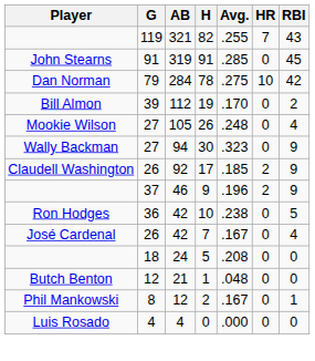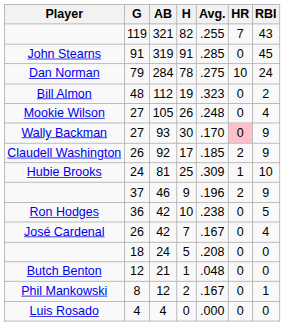 <table class="wikitable sortable">
 <tr>
 <th>Player</th>
 <th>G</th>
 <th>AB</th>
 <th>H</th>
 <th>Avg.</th>
 <th>HR</th>
 <th>RBI</th>
 </tr>
 <tr style="text-align:center;">
 <td></td>
 <td>119</td>
 <td>321</td>
 <td>82</td>
 <td>.255</td>
 <td>7</td>
 <td>43</td>
 </tr>
 <tr style="text-align:center;">
 <td><a href='#'>John Stearns</a></td>
 <td>91</td>
 <td>319</td>
 <td>91</td>
 <td>.285</td>
 <td>0</td>
 <td>45</td>
 </tr>
 <tr align=center>
 <td><a href='#'>Dan Norman</a></td>
 <td>79</td>
 <td>284</td>
 <td>78</td>
 <td>.275</td>
 <td>10</td>
-<td>42</td>
+<td>24</td>
 </tr>
 <tr align=center>
 <td><a href='#'>Bill Almon</a></td>
-<td>39</td>
+<td>48</td>
 <td>112</td>
 <td>19</td>
-<td>.170</td>
+<td>.323</td>
 <td>0</td>
 <td>2</td>
 </tr>
 <tr align=center>
 <td><a href='#'>Mookie Wilson</a></td>
 <td>27</td>
 <td>105</td>
 <td>26</td>
 <td>.248</td>
 <td>0</td>
 <td>4</td>
 </tr>
 <tr align=center>
 <td><a href='#'>Wally Backman</a></td>
 <td>27</td>
-<td>94</td>
+<td>93</td>
 <td>30</td>
-<td>.323</td>
-<td>0</td>
+<td>.170</td>
+<td style="background: pink;">0</td>
 <td>9</td>
 </tr>
 <tr align=center>
 <td><a href='#'>Claudell Washington</a></td>
 <td>26</td>
 <td>92</td>
 <td>17</td>
 <td>.185</td>
 <td>2</td>
 <td>9</td>
+</tr>
+<tr align=center>
+<td><a href='#'>Hubie Brooks</a></td>
+<td>24</td>
+<td>81</td>
+<td>25</td>
+<td>.309</td>
+<td>1</td>
+<td>10</td>
 </tr>
 <tr align=center>
 <td></td>
 <td>37</td>
 <td>46</td>
 <td>9</td>
 <td>.196</td>
 <td>2</td>
 <td>9</td>
 </tr>
 <tr style="text-align:center;">
 <td><a href='#'>Ron Hodges</a></td>
 <td>36</td>
 <td>42</td>
 <td>10</td>
 <td>.238</td>
 <td>0</td>
 <td>5</td>
 </tr>
 <tr align=center>
 <td><a href='#'>José Cardenal</a></td>
 <td>26</td>
 <td>42</td>
 <td>7</td>
 <td>.167</td>
 <td>0</td>
 <td>4</td>
 </tr>
 <tr align=center>
 <td></td>
 <td>18</td>
 <td>24</td>
 <td>5</td>
 <td>.208</td>
 <td>0</td>
 <td>0</td>
 </tr>
 <tr align=center>
 <td><a href='#'>Butch Benton</a></td>
 <td>12</td>
 <td>21</td>
 <td>1</td>
 <td>.048</td>
 <td>0</td>
 <td>0</td>
 </tr>
 <tr align=center>
 <td><a href='#'>Phil Mankowski</a></td>
 <td>8</td>
 <td>12</td>
 <td>2</td>
 <td>.167</td>
 <td>0</td>
 <td>1</td>
 </tr>
 <tr align=center>
 <td><a href='#'>Luis Rosado</a></td>
 <td>4</td>
 <td>4</td>
 <td>0</td>
 <td>.000</td>
 <td>0</td>
 <td>0</td>
 </tr>
 </table>
